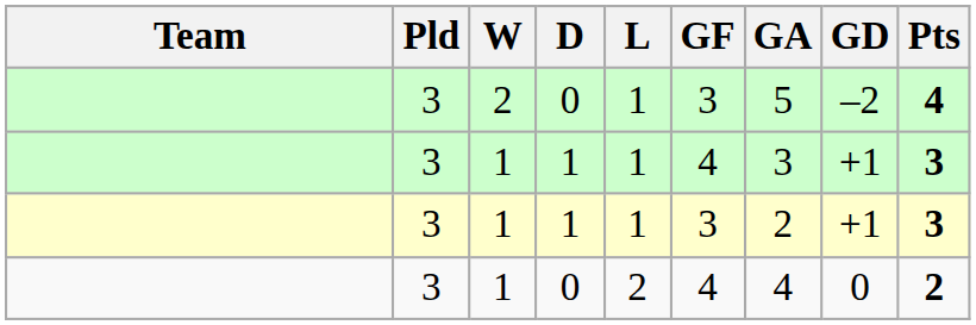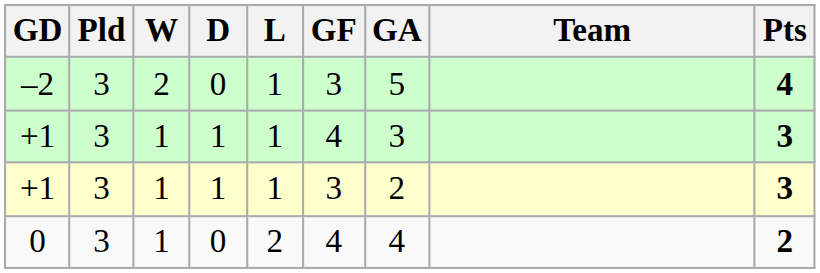 <table class="wikitable" style="text-align:center">
 <tr>
-<th width=150>Team</th>
+<th width=20>GD</th>
 <th width=20>Pld</th>
 <th width=20>W</th>
 <th width=20>D</th>
 <th width=20>L</th>
 <th width=20>GF</th>
 <th width=20>GA</th>
-<th width=20>GD</th>
+<th width=150>Team</th>
 <th width=20>Pts</th>
 </tr>
 <tr bgcolor="#ccffcc">
-<td align="left"></td>
+<td>–2</td>
 <td>3</td>
 <td>2</td>
 <td>0</td>
 <td>1</td>
 <td>3</td>
 <td>5</td>
-<td>–2</td>
+<td align="left"></td>
 <td><strong>4</strong></td>
 </tr>
 <tr bgcolor="#ccffcc">
-<td align="left"></td>
+<td>+1</td>
 <td>3</td>
 <td>1</td>
 <td>1</td>
 <td>1</td>
 <td>4</td>
 <td>3</td>
-<td>+1</td>
+<td align="left"></td>
 <td><strong>3</strong></td>
 </tr>
 <tr bgcolor="#ffffcc">
-<td align="left"></td>
+<td>+1</td>
 <td>3</td>
 <td>1</td>
 <td>1</td>
 <td>1</td>
 <td>3</td>
 <td>2</td>
-<td>+1</td>
+<td align="left"></td>
 <td><strong>3</strong></td>
 </tr>
 <tr>
-<td align="left"></td>
+<td>0</td>
 <td>3</td>
 <td>1</td>
 <td>0</td>
 <td>2</td>
 <td>4</td>
 <td>4</td>
-<td>0</td>
+<td align="left"></td>
 <td><strong>2</strong></td>
 </tr>
 </table>
